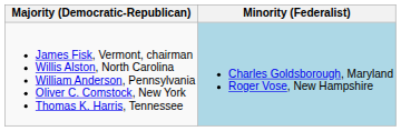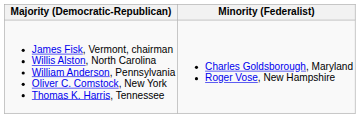 <table class=wikitable>
 <tr>
 <th>Majority (Democratic-Republican)</th>
 <th>Minority (Federalist)</th>
 </tr>
 <tr>
 <td><br><ul><li><a href='#'>James Fisk</a>, Vermont, chairman</li><li><a href='#'>Willis Alston</a>, North Carolina</li><li><a href='#'>William Anderson</a>, Pennsylvania</li><li><a href='#'>Oliver C. Comstock</a>, New York</li><li><a href='#'>Thomas K. Harris</a>, Tennessee</li></ul></td>
-<td style="background: lightblue;"><br><ul><li><a href='#'>Charles Goldsborough</a>, Maryland</li><li><a href='#'>Roger Vose</a>, New Hampshire</li></ul></td>
+<td><br><ul><li><a href='#'>Charles Goldsborough</a>, Maryland</li><li><a href='#'>Roger Vose</a>, New Hampshire</li></ul></td>
 </tr>
 </table>
